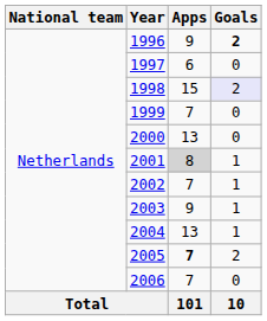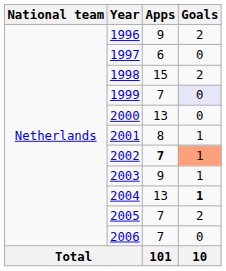 <table class="wikitable" style="text-align:center">
 <tr>
 <th>National team</th>
 <th>Year</th>
 <th>Apps</th>
 <th>Goals</th>
 </tr>
 <tr>
 <td rowspan="11"><a href='#'>Netherlands</a></td>
 <td><a href='#'>1996</a></td>
 <td>9</td>
-<td><strong>2</strong></td>
+<td>2</td>
 </tr>
 <tr>
 <td><a href='#'>1997</a></td>
 <td>6</td>
 <td>0</td>
 </tr>
 <tr>
 <td><a href='#'>1998</a></td>
 <td>15</td>
-<td style="background: lavender;">2</td>
+<td>2</td>
 </tr>
 <tr>
 <td><a href='#'>1999</a></td>
 <td>7</td>
-<td>0</td>
+<td style="background: lavender;">0</td>
 </tr>
 <tr>
 <td><a href='#'>2000</a></td>
 <td>13</td>
 <td>0</td>
 </tr>
 <tr>
 <td><a href='#'>2001</a></td>
-<td style="background: lightgrey;">8</td>
+<td>8</td>
 <td>1</td>
 </tr>
 <tr>
 <td><a href='#'>2002</a></td>
-<td>7</td>
-<td>1</td>
+<td><strong>7</strong></td>
+<td style="background: lightsalmon;">1</td>
 </tr>
 <tr>
 <td><a href='#'>2003</a></td>
 <td>9</td>
 <td>1</td>
 </tr>
 <tr>
 <td><a href='#'>2004</a></td>
 <td>13</td>
-<td>1</td>
+<td><strong>1</strong></td>
 </tr>
 <tr>
 <td><a href='#'>2005</a></td>
-<td><strong>7</strong></td>
+<td>7</td>
 <td>2</td>
 </tr>
 <tr>
 <td><a href='#'>2006</a></td>
 <td>7</td>
 <td>0</td>
 </tr>
 <tr>
 <th colspan="2">Total</th>
 <th>101</th>
 <th>10</th>
 </tr>
 </table>
